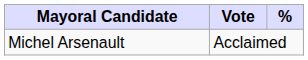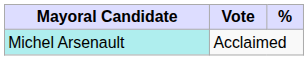 <table class="wikitable">
 <tr>
 <th style="background:#ddf; width:200px;">Mayoral Candidate</th>
 <th style="background:#ddf; width:50px;">Vote</th>
 <th style="background:#ddf; width:30px;">%</th>
 </tr>
 <tr>
-<td>Michel Arsenault</td>
+<td style="background: paleturquoise;">Michel Arsenault</td>
 <td colspan="2">Acclaimed</td>
 </tr>
 </table>
